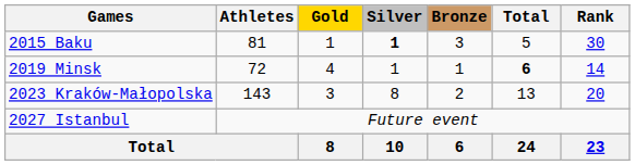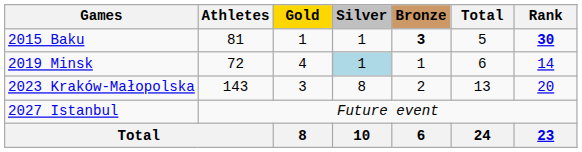 <table class="wikitable" style="text-align:center; font-size:90%;">
 <tr>
 <th>Games</th>
 <th>Athletes</th>
 <td style="background:gold; width:3.7em; font-weight:bold;">Gold</td>
 <td style="background:silver; width:3.7em; font-weight:bold;">Silver</td>
 <td style="background:#cc9966; width:3.7em; font-weight:bold;">Bronze</td>
 <th style="width:4em; font-weight:bold;">Total</th>
 <th style="width:4em; font-weight:bold;">Rank</th>
 </tr>
 <tr>
 <td align=left> <a href='#'>2015 Baku</a></td>
 <td>81</td>
 <td>1</td>
-<td><strong>1</strong></td>
-<td>3</td>
+<td>1</td>
+<td><strong>3</strong></td>
 <td>5</td>
-<td><a href='#'>30</a></td>
+<td><strong><a href='#'>30</a></strong></td>
 </tr>
 <tr>
 <td align=left> <a href='#'>2019 Minsk</a></td>
 <td>72</td>
 <td>4</td>
+<td style="background: lightblue;">1</td>
 <td>1</td>
-<td>1</td>
-<td><strong>6</strong></td>
+<td>6</td>
 <td><a href='#'>14</a></td>
 </tr>
 <tr>
 <td align=left> <a href='#'>2023 Kraków-Małopolska</a></td>
 <td>143</td>
 <td>3</td>
 <td>8</td>
 <td>2</td>
 <td>13</td>
 <td><a href='#'>20</a></td>
 </tr>
 <tr>
 <td align=left> <a href='#'>2027 Istanbul</a></td>
 <td colspan=6><em>Future event</em></td>
 </tr>
 <tr>
 <th colspan=2>Total</th>
 <th>8</th>
 <th>10</th>
 <th>6</th>
 <th>24</th>
 <th><a href='#'>23</a></th>
 </tr>
 </table>
